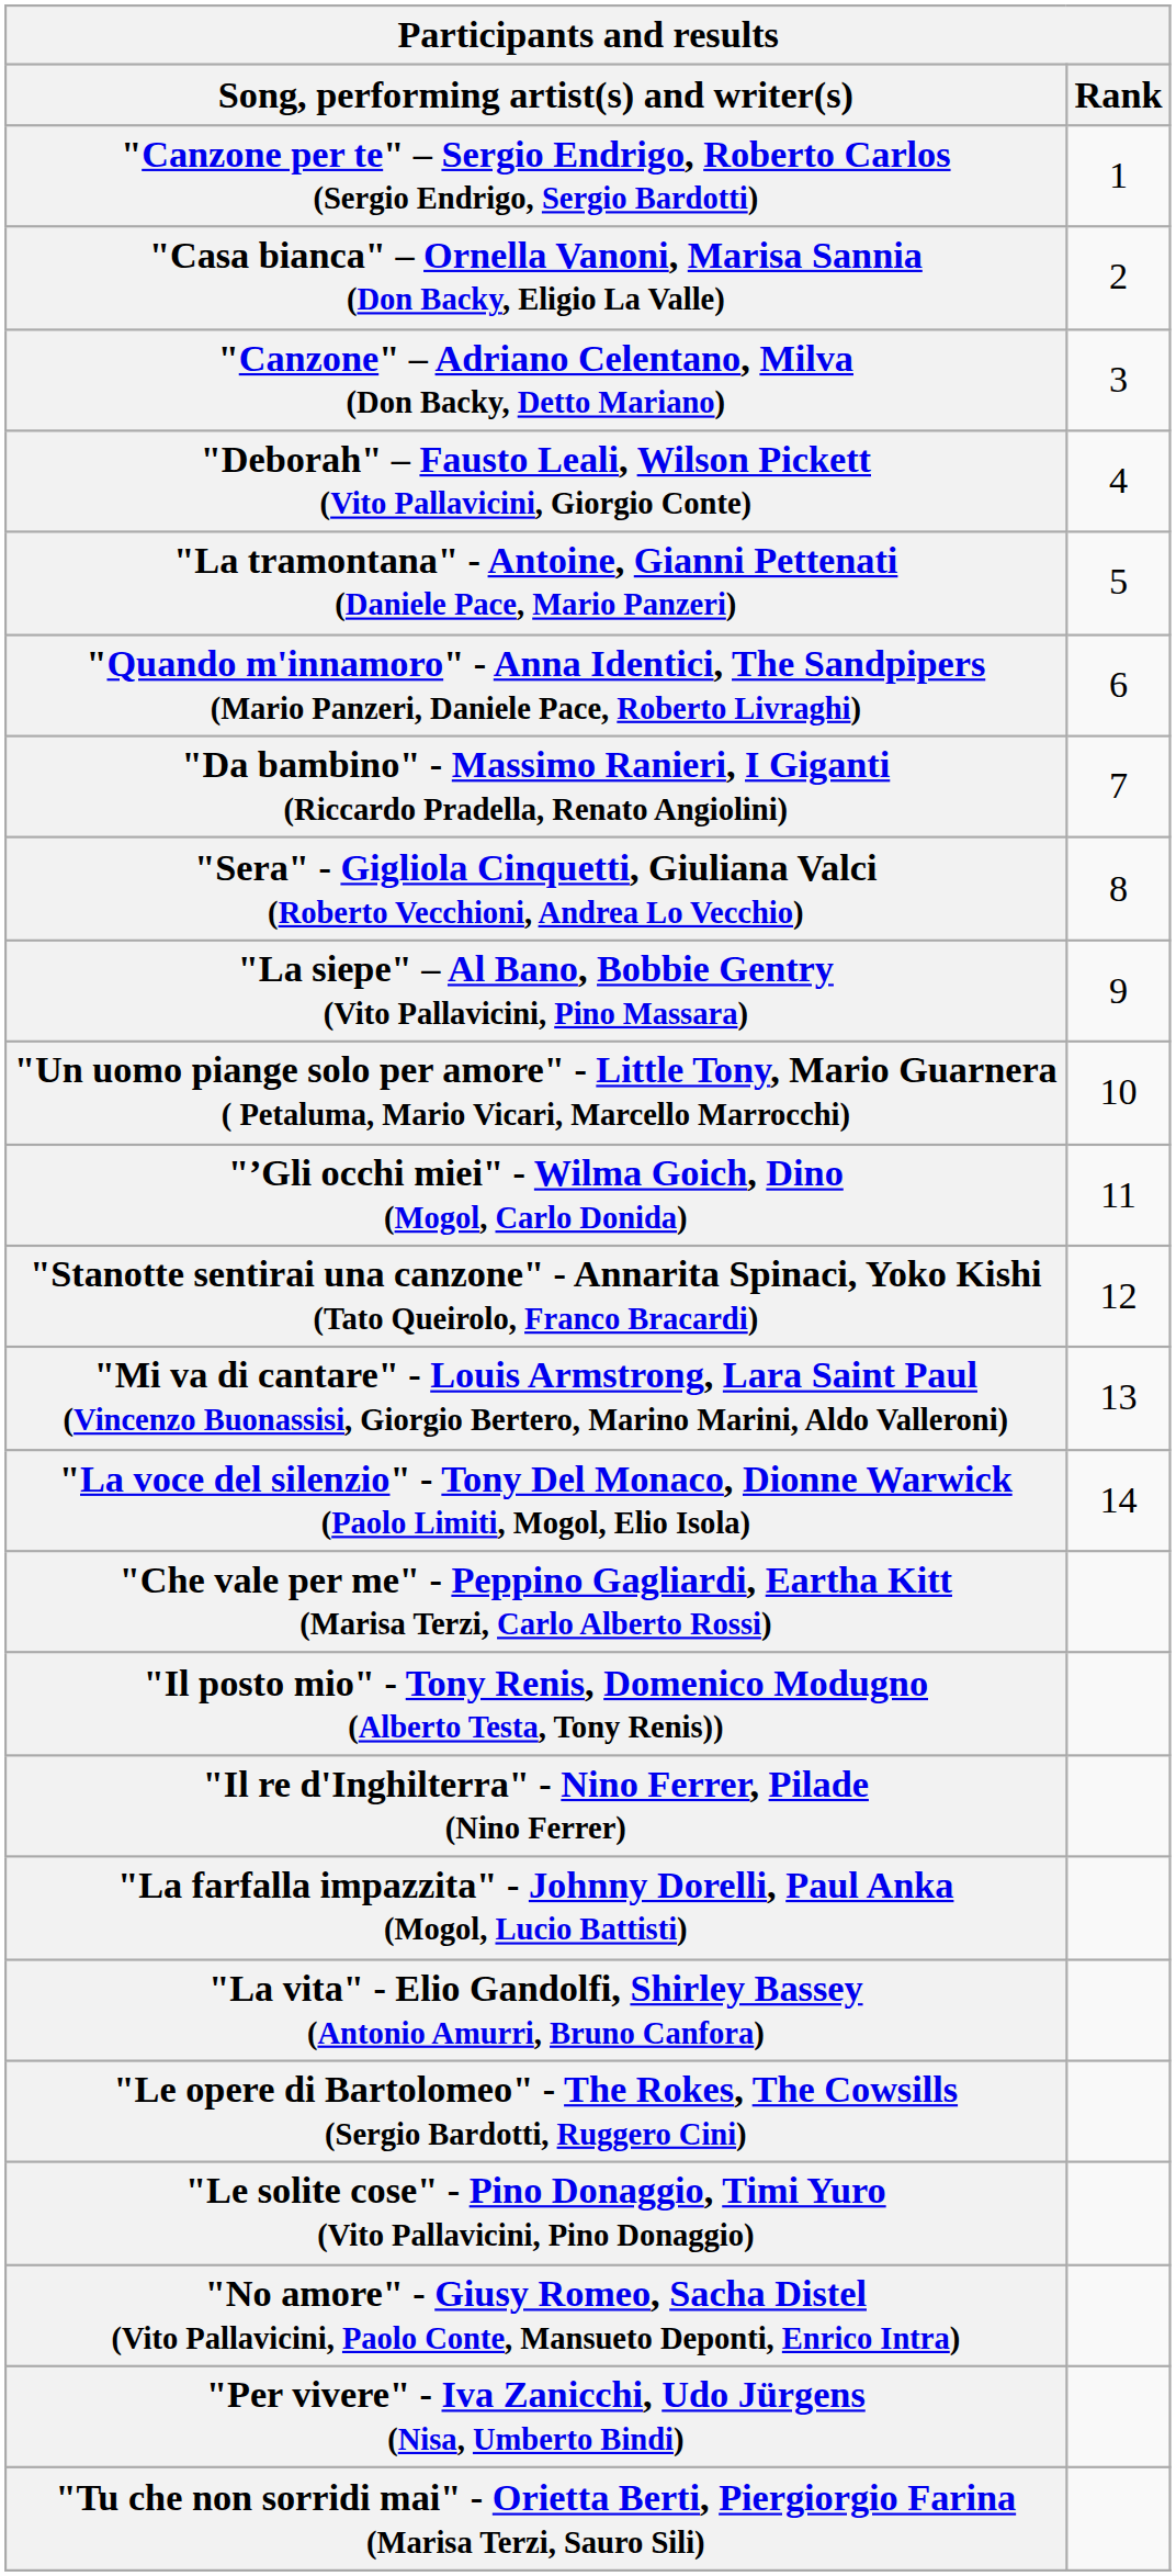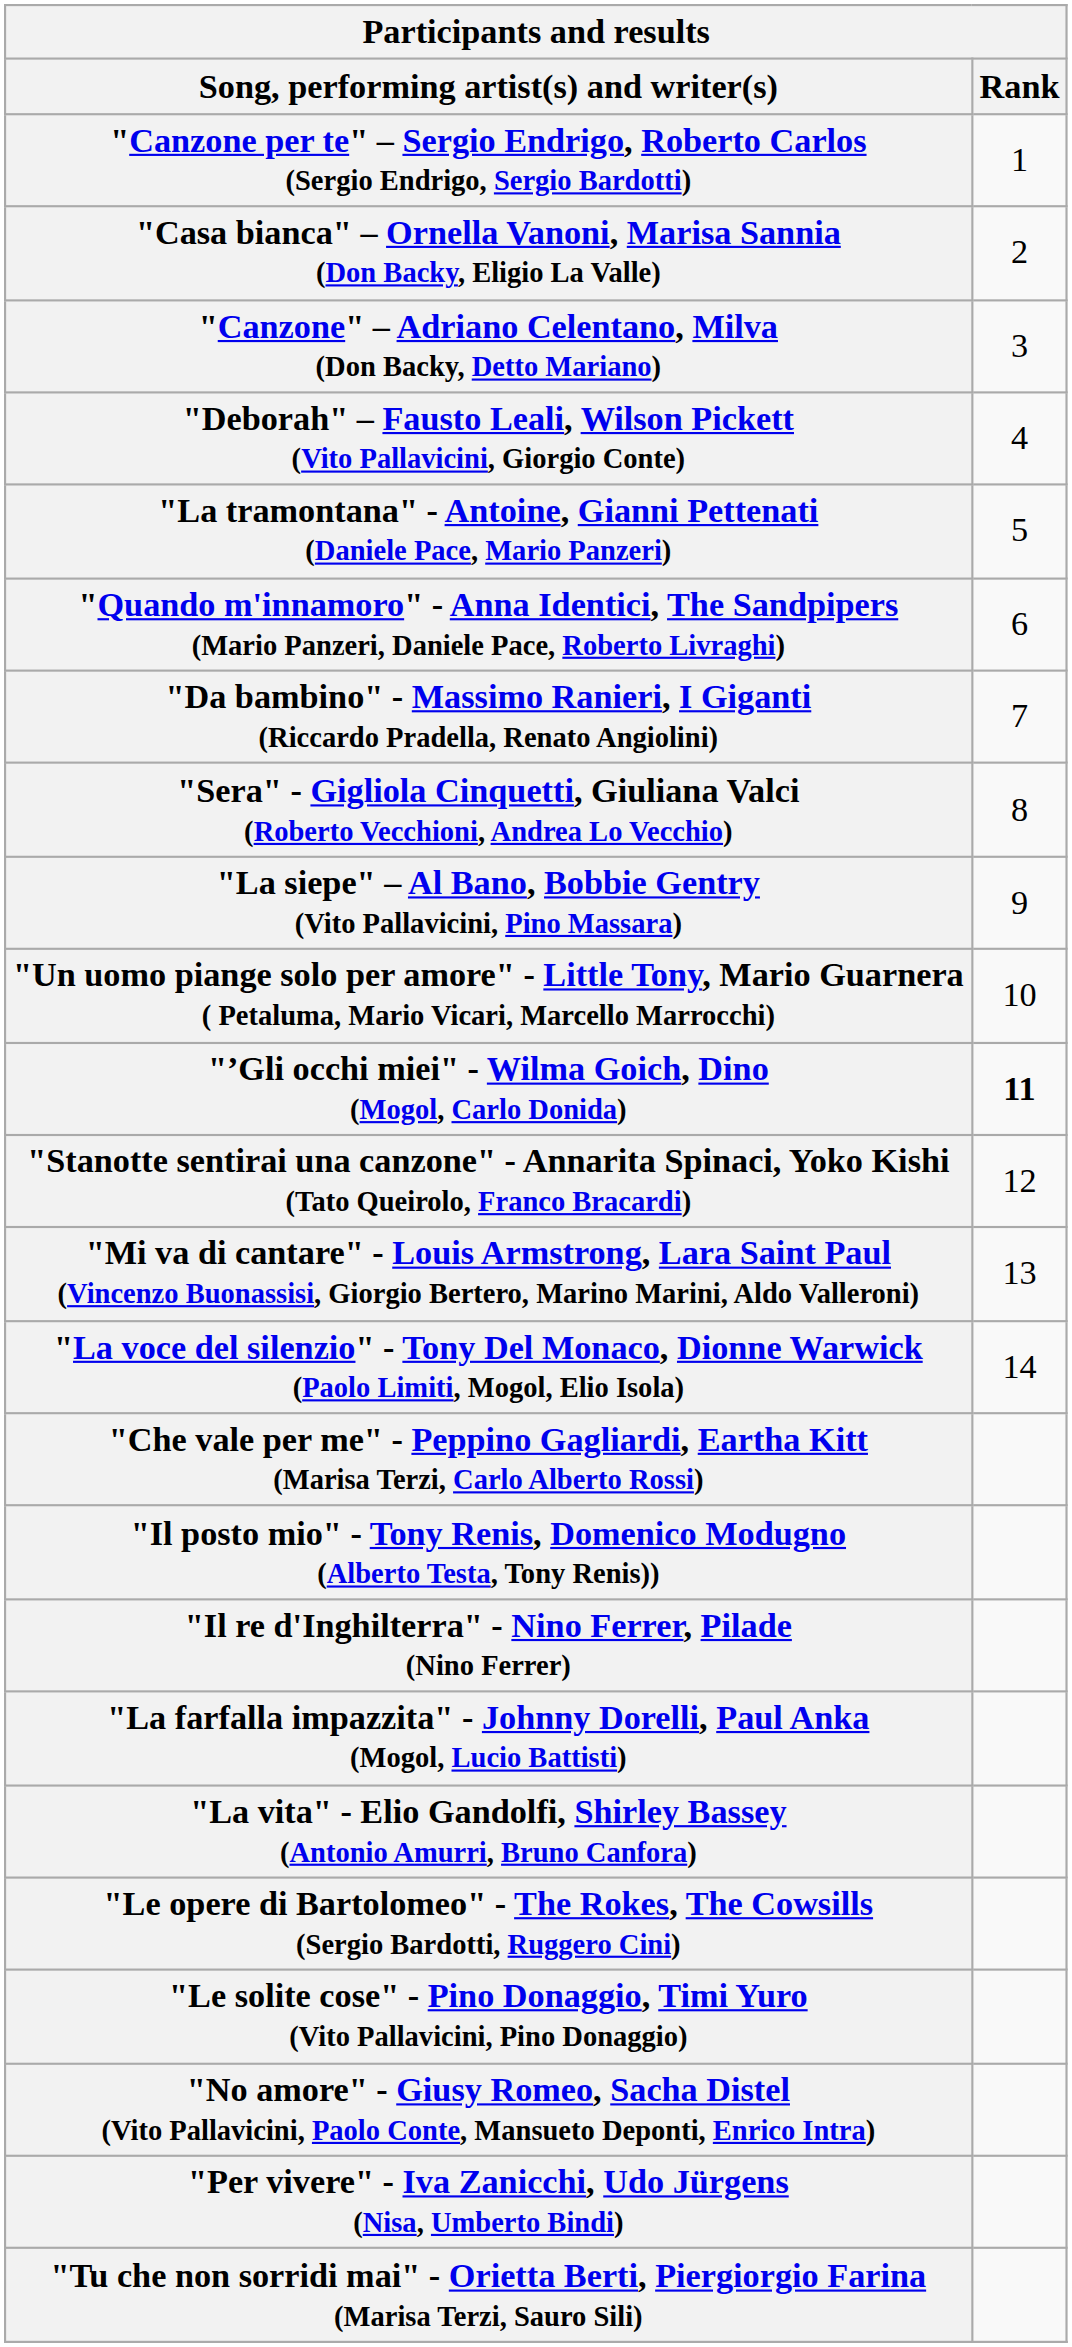 <table class="plainrowheaders wikitable">
 <tr>
 <th colspan="3">Participants and results</th>
 </tr>
 <tr>
 <th>Song, performing artist(s) and writer(s)</th>
 <th>Rank</th>
 </tr>
 <tr>
 <th scope="row">"<a href='#'>Canzone per te</a>" – <a href='#'>Sergio Endrigo</a>, <a href='#'>Roberto Carlos</a> <br><small> 	(Sergio Endrigo, <a href='#'>Sergio Bardotti</a>)</small></th>
 <td style="text-align:center;">1</td>
 </tr>
 <tr>
 <th scope="row">"Casa bianca" – <a href='#'>Ornella Vanoni</a>, <a href='#'>Marisa Sannia</a>  <br><small>(<a href='#'>Don Backy</a>, Eligio La Valle)</small></th>
 <td style="text-align:center;">2</td>
 </tr>
 <tr>
 <th scope="row">"<a href='#'>Canzone</a>" – <a href='#'>Adriano Celentano</a>, <a href='#'>Milva</a>  <br><small> 	(Don Backy, <a href='#'>Detto Mariano</a>) </small></th>
 <td style="text-align:center;">3</td>
 </tr>
 <tr>
 <th scope="row">"Deborah"  –  	<a href='#'>Fausto Leali</a>, <a href='#'>Wilson Pickett</a>  <br><small>(<a href='#'>Vito Pallavicini</a>, Giorgio Conte)</small></th>
 <td style="text-align:center;">4</td>
 </tr>
 <tr>
 <th scope="row">"La tramontana" - <a href='#'>Antoine</a>, <a href='#'>Gianni Pettenati</a> <br><small>(<a href='#'>Daniele Pace</a>, <a href='#'>Mario Panzeri</a>)  </small></th>
 <td style="text-align:center;">5</td>
 </tr>
 <tr>
 <th scope="row">"<a href='#'>Quando m'innamoro</a>" -  	<a href='#'>Anna Identici</a>, <a href='#'>The Sandpipers</a> <br><small>(Mario Panzeri, Daniele Pace, <a href='#'>Roberto Livraghi</a>)</small></th>
 <td style="text-align:center;">6</td>
 </tr>
 <tr>
 <th scope="row">"Da bambino" -   <a href='#'>Massimo Ranieri</a>, <a href='#'>I Giganti</a>  <br><small> (Riccardo Pradella, Renato Angiolini) </small></th>
 <td style="text-align:center;">7</td>
 </tr>
 <tr>
 <th scope="row">"Sera" -   	<a href='#'>Gigliola Cinquetti</a>, Giuliana Valci  <br><small> 	(<a href='#'>Roberto Vecchioni</a>, <a href='#'>Andrea Lo Vecchio</a>)</small></th>
 <td style="text-align:center;">8</td>
 </tr>
 <tr>
 <th scope="row">"La siepe" – 	 <a href='#'>Al Bano</a>, <a href='#'>Bobbie Gentry</a>  <br><small> 	(Vito Pallavicini, <a href='#'>Pino Massara</a>)</small></th>
 <td style="text-align:center;">9</td>
 </tr>
 <tr>
 <th scope="row">"Un uomo piange solo per amore" -  	<a href='#'>Little Tony</a>, Mario Guarnera <br><small> 	 	( Petaluma, Mario Vicari, Marcello Marrocchi) </small></th>
 <td style="text-align:center;">10</td>
 </tr>
 <tr>
 <th scope="row">"’Gli occhi miei" -  	<a href='#'>Wilma Goich</a>, <a href='#'>Dino</a> <br><small>   (<a href='#'>Mogol</a>, <a href='#'>Carlo Donida</a>) </small></th>
-<td style="text-align:center;">11</td>
+<td style="text-align:center;"><strong>11</strong></td>
 </tr>
 <tr>
 <th scope="row">"Stanotte sentirai una canzone" -  	Annarita Spinaci, Yoko Kishi <br><small> 	(Tato Queirolo, <a href='#'>Franco Bracardi</a>)</small></th>
 <td style="text-align:center;">12</td>
 </tr>
 <tr>
 <th scope="row">"Mi va di cantare" - <a href='#'>Louis Armstrong</a>, <a href='#'>Lara Saint Paul</a> <br><small> 	 (<a href='#'>Vincenzo Buonassisi</a>, Giorgio Bertero, Marino Marini, Aldo Valleroni) </small></th>
 <td style="text-align:center;">13</td>
 </tr>
 <tr>
 <th scope="row">"<a href='#'>La voce del silenzio</a>" -  <a href='#'>Tony Del Monaco</a>, <a href='#'>Dionne Warwick</a>  <br><small> 	(<a href='#'>Paolo Limiti</a>, Mogol, Elio Isola) </small></th>
 <td style="text-align:center;">14</td>
 </tr>
 <tr>
 <th scope="row">"Che vale per me" - <a href='#'>Peppino Gagliardi</a>, <a href='#'>Eartha Kitt</a> <br><small> 	(Marisa Terzi, <a href='#'>Carlo Alberto Rossi</a>) </small></th>
 <td></td>
 </tr>
 <tr>
 <th scope="row">"Il posto mio" -  <a href='#'>Tony Renis</a>, <a href='#'>Domenico Modugno</a> <br><small> 	(<a href='#'>Alberto Testa</a>, Tony Renis))</small></th>
 <td></td>
 </tr>
 <tr>
 <th scope="row">"Il re d'Inghilterra" - <a href='#'>Nino Ferrer</a>, <a href='#'>Pilade</a> <br><small>  (Nino Ferrer) </small></th>
 <td></td>
 </tr>
 <tr>
 <th scope="row">"La farfalla impazzita" - <a href='#'>Johnny Dorelli</a>, <a href='#'>Paul Anka</a> <br><small> (Mogol, <a href='#'>Lucio Battisti</a>) </small></th>
 <td></td>
 </tr>
 <tr>
 <th scope="row">"La vita" -  Elio Gandolfi, <a href='#'>Shirley Bassey</a> <br><small> 	(<a href='#'>Antonio Amurri</a>, <a href='#'>Bruno Canfora</a>) </small></th>
 <td></td>
 </tr>
 <tr>
 <th scope="row">"Le opere di Bartolomeo" -  <a href='#'>The Rokes</a>, <a href='#'>The Cowsills</a> <br><small> (Sergio Bardotti, <a href='#'>Ruggero Cini</a>) </small></th>
 <td></td>
 </tr>
 <tr>
 <th scope="row">"Le solite cose" - <a href='#'>Pino Donaggio</a>, <a href='#'>Timi Yuro</a> <br><small> 	(Vito Pallavicini, Pino Donaggio) </small></th>
 <td></td>
 </tr>
 <tr>
 <th scope="row">"No amore" - <a href='#'>Giusy Romeo</a>, <a href='#'>Sacha Distel</a>   <br><small> 	(Vito Pallavicini, <a href='#'>Paolo Conte</a>, Mansueto Deponti, <a href='#'>Enrico Intra</a>) </small></th>
 <td></td>
 </tr>
 <tr>
 <th scope="row">"Per vivere" -  <a href='#'>Iva Zanicchi</a>, <a href='#'>Udo Jürgens</a>   <br><small> 	(<a href='#'>Nisa</a>, <a href='#'>Umberto Bindi</a>) </small></th>
 <td></td>
 </tr>
 <tr>
 <th scope="row">"Tu che non sorridi mai" - <a href='#'>Orietta Berti</a>, <a href='#'>Piergiorgio Farina</a>   <br><small> 	(Marisa Terzi, Sauro Sili) </small></th>
 <td></td>
 </tr>
 <tr>
 </tr>
 </table>
